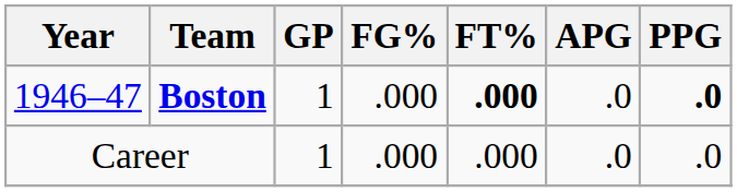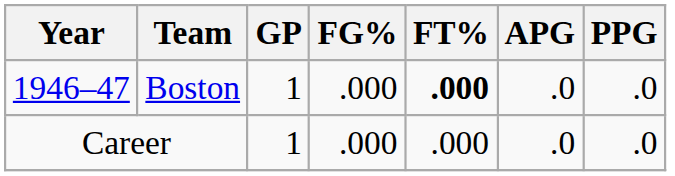 <table class="wikitable sortable" style="font-size:95%; text-align:right;">
 <tr>
 <th>Year</th>
 <th>Team</th>
 <th>GP</th>
 <th>FG%</th>
 <th>FT%</th>
 <th>APG</th>
 <th>PPG</th>
 </tr>
 <tr>
 <td style="text-align:left;"><a href='#'>1946–47</a></td>
-<td style="text-align:left;"><strong><a href='#'>Boston</a></strong></td>
+<td style="text-align:left;"><a href='#'>Boston</a></td>
 <td>1</td>
 <td>.000</td>
 <td><strong>.000</strong></td>
 <td>.0</td>
-<td><strong>.0</strong></td>
+<td>.0</td>
 </tr>
 <tr>
 <td style="text-align:center;" colspan="2">Career</td>
 <td>1</td>
 <td>.000</td>
 <td>.000</td>
 <td>.0</td>
 <td>.0</td>
 </tr>
 <tr>
 </tr>
 </table>
